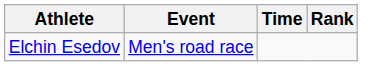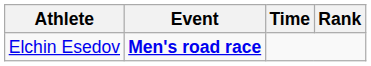 <table class=wikitable style=font-size:90%;text-align:center>
 <tr>
 <th>Athlete</th>
 <th>Event</th>
 <th>Time</th>
 <th>Rank</th>
 </tr>
 <tr>
 <td align=left><a href='#'>Elchin Esedov</a></td>
-<td align=left><a href='#'>Men's road race</a></td>
+<td align=left><strong><a href='#'>Men's road race</a></strong></td>
 <td colspan=2></td>
 </tr>
 </table>
